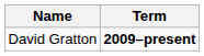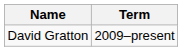 <table class=wikitable>
 <tr>
 <th>Name</th>
 <th>Term</th>
 </tr>
 <tr>
 <td>David Gratton</td>
-<td><strong>2009–present</strong></td>
+<td>2009–present</td>
 </tr>
 </table>
